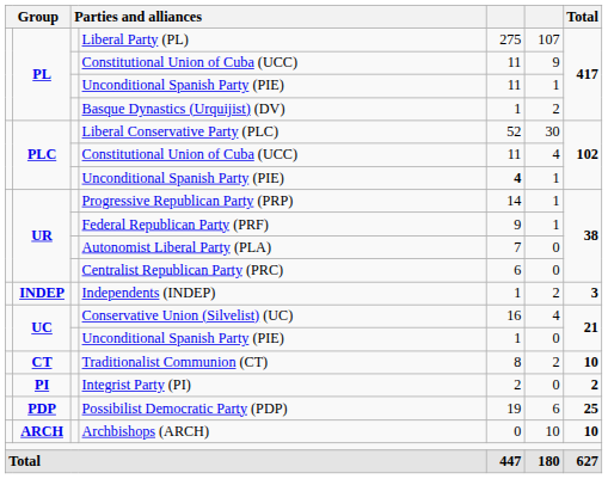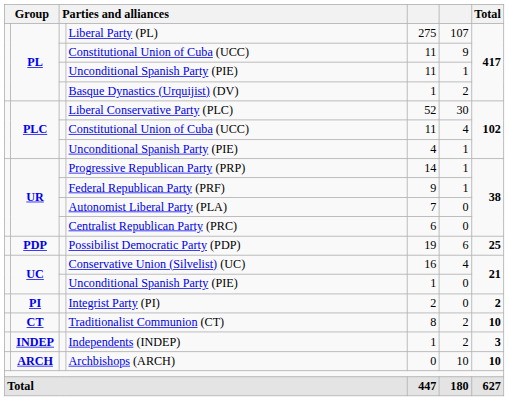 <table class="wikitable" style="text-align:right;">
 <tr>
 <th colspan="2" width="65">Group</th>
 <th style="text-align:left;" colspan="2" width="450">Parties and alliances</th>
 <th width="35"></th>
 <th width="35"></th>
 <th width="35">Total</th>
 </tr>
 <tr>
 <td rowspan="4" width="1"></td>
 <td rowspan="4" align="center"><strong><a href='#'>PL</a></strong></td>
 <td width="1" style="color:inherit;background:"></td>
 <td align="left"><a href='#'>Liberal Party</a> (PL)</td>
 <td>275</td>
 <td>107</td>
 <td rowspan="4"><strong>417</strong></td>
 </tr>
 <tr>
 <td style="color:inherit;background:"></td>
 <td align="left"><a href='#'>Constitutional Union of Cuba</a> (UCC)</td>
 <td>11</td>
 <td>9</td>
 </tr>
 <tr>
 <td style="color:inherit;background:"></td>
 <td align="left"><a href='#'>Unconditional Spanish Party</a> (PIE)</td>
 <td>11</td>
 <td>1</td>
 </tr>
 <tr>
 <td style="color:inherit;background:"></td>
 <td align="left"><a href='#'>Basque Dynastics (Urquijist)</a> (DV)</td>
 <td>1</td>
 <td>2</td>
 </tr>
 <tr>
 <td rowspan="3" style="color:inherit;background:"></td>
 <td rowspan="3" align="center"><strong><a href='#'>PLC</a></strong></td>
 <td style="color:inherit;background:"></td>
 <td align="left"><a href='#'>Liberal Conservative Party</a> (PLC)</td>
 <td>52</td>
 <td>30</td>
 <td rowspan="3"><strong>102</strong></td>
 </tr>
 <tr>
 <td style="color:inherit;background:"></td>
 <td align="left"><a href='#'>Constitutional Union of Cuba</a> (UCC)</td>
 <td>11</td>
 <td>4</td>
 </tr>
 <tr>
 <td style="color:inherit;background:"></td>
 <td align="left"><a href='#'>Unconditional Spanish Party</a> (PIE)</td>
-<td><strong>4</strong></td>
+<td>4</td>
 <td>1</td>
 </tr>
 <tr>
 <td rowspan="4" style="color:inherit;background:"></td>
 <td rowspan="4" align="center"><strong><a href='#'>UR</a></strong></td>
 <td style="color:inherit;background:"></td>
 <td align="left"><a href='#'>Progressive Republican Party</a> (PRP)</td>
 <td>14</td>
 <td>1</td>
 <td rowspan="4"><strong>38</strong></td>
 </tr>
 <tr>
 <td style="color:inherit;background:"></td>
 <td align="left"><a href='#'>Federal Republican Party</a> (PRF)</td>
 <td>9</td>
 <td>1</td>
 </tr>
 <tr>
 <td style="color:inherit;background:"></td>
 <td align="left"><a href='#'>Autonomist Liberal Party</a> (PLA)</td>
 <td>7</td>
 <td>0</td>
 </tr>
 <tr>
 <td style="color:inherit;background:"></td>
 <td align="left"><a href='#'>Centralist Republican Party</a> (PRC)</td>
 <td>6</td>
 <td>0</td>
 </tr>
 <tr>
 <td style="color:inherit;background:"></td>
-<td align="center"><strong><a href='#'>INDEP</a></strong></td>
+<td align="center"><strong><a href='#'>PDP</a></strong></td>
 <td style="color:inherit;background:"></td>
-<td align="left"><a href='#'>Independents</a> (INDEP)</td>
-<td>1</td>
-<td>2</td>
-<td><strong>3</strong></td>
+<td align="left"><a href='#'>Possibilist Democratic Party</a> (PDP)</td>
+<td>19</td>
+<td>6</td>
+<td><strong>25</strong></td>
 </tr>
 <tr>
 <td rowspan="2" style="color:inherit;background:"></td>
 <td rowspan="2" align="center"><strong><a href='#'>UC</a></strong></td>
 <td style="color:inherit;background:"></td>
 <td align="left"><a href='#'>Conservative Union (Silvelist)</a> (UC)</td>
 <td>16</td>
 <td>4</td>
 <td rowspan="2"><strong>21</strong></td>
 </tr>
 <tr>
 <td style="color:inherit;background:"></td>
 <td align="left"><a href='#'>Unconditional Spanish Party</a> (PIE)</td>
 <td>1</td>
 <td>0</td>
 </tr>
 <tr>
 <td style="color:inherit;background:"></td>
+<td align="center"><strong><a href='#'>PI</a></strong></td>
+<td style="color:inherit;background:"></td>
+<td align="left"><a href='#'>Integrist Party</a> (PI)</td>
+<td>2</td>
+<td>0</td>
+<td><strong>2</strong></td>
+</tr>
+<tr>
+<td style="color:inherit;background:"></td>
 <td align="center"><strong><a href='#'>CT</a></strong></td>
 <td style="color:inherit;background:"></td>
 <td align="left"><a href='#'>Traditionalist Communion</a> (CT)</td>
 <td>8</td>
 <td>2</td>
 <td><strong>10</strong></td>
 </tr>
 <tr>
 <td style="color:inherit;background:"></td>
-<td align="center"><strong><a href='#'>PI</a></strong></td>
+<td align="center"><strong><a href='#'>INDEP</a></strong></td>
 <td style="color:inherit;background:"></td>
-<td align="left"><a href='#'>Integrist Party</a> (PI)</td>
+<td align="left"><a href='#'>Independents</a> (INDEP)</td>
+<td>1</td>
 <td>2</td>
-<td>0</td>
-<td><strong>2</strong></td>
-</tr>
-<tr>
-<td style="color:inherit;background:"></td>
-<td align="center"><strong><a href='#'>PDP</a></strong></td>
-<td style="color:inherit;background:"></td>
-<td align="left"><a href='#'>Possibilist Democratic Party</a> (PDP)</td>
-<td>19</td>
-<td>6</td>
-<td><strong>25</strong></td>
+<td><strong>3</strong></td>
 </tr>
 <tr>
 <td style="color:inherit;background:"></td>
 <td align="center"><strong><a href='#'>ARCH</a></strong></td>
 <td style="color:inherit;background:"></td>
 <td align="left"><a href='#'>Archbishops</a> (ARCH)</td>
 <td>0</td>
 <td>10</td>
 <td><strong>10</strong></td>
 </tr>
 <tr>
 <td colspan="7"></td>
 </tr>
 <tr style="background:#E4E4E4; font-weight:bold;">
 <td align="left" colspan="4">Total</td>
 <td>447</td>
 <td>180</td>
 <td>627</td>
 </tr>
 </table>
